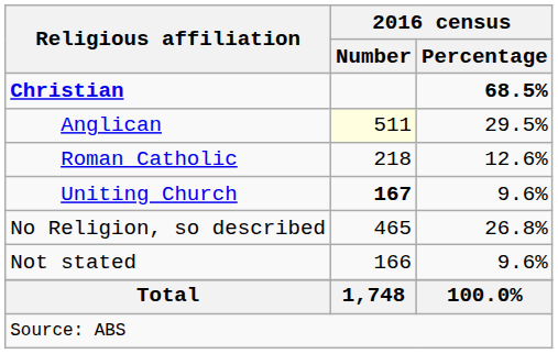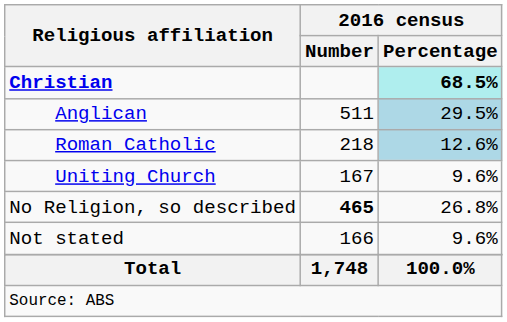 <table class="wikitable">
 <tr>
 <th rowspan=2>Religious affiliation</th>
 <th colspan=2>2016 census</th>
 </tr>
 <tr>
 <th>Number</th>
 <th>Percentage</th>
 </tr>
 <tr align=right>
 <td align=left><strong><a href='#'>Christian</a></strong></td>
 <td></td>
-<td><strong>68.5%</strong></td>
+<td style="background: paleturquoise;"><strong>68.5%</strong></td>
 </tr>
 <tr align=right>
 <td align=left>    <a href='#'>Anglican</a></td>
-<td style="background: lightyellow;">511</td>
-<td>29.5%</td>
+<td>511</td>
+<td style="background: lightblue;">29.5%</td>
 </tr>
 <tr align=right>
 <td align=left>    <a href='#'>Roman Catholic</a></td>
 <td>218</td>
-<td>12.6%</td>
+<td style="background: lightblue;">12.6%</td>
 </tr>
 <tr align=right>
 <td align=left>    <a href='#'>Uniting Church</a></td>
-<td><strong>167</strong></td>
+<td>167</td>
 <td>9.6%</td>
 </tr>
 <tr align=right>
 <td align=left>No Religion, so described</td>
-<td>465</td>
+<td><strong>465</strong></td>
 <td>26.8%</td>
 </tr>
 <tr align=right>
 <td align=left>Not stated</td>
 <td>166</td>
 <td>9.6%</td>
 </tr>
 <tr align=right>
 </tr>
 <tr align=right bgcolor=#EEEEEE>
 <th align=left>Total</th>
 <th>1,748</th>
 <th>100.0%</th>
 </tr>
 <tr>
 <td colspan="5" style="text-align:left;"><small>Source: ABS</small></td>
 </tr>
 </table>
